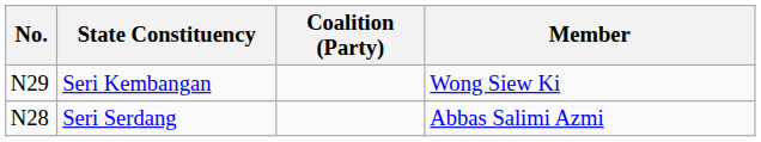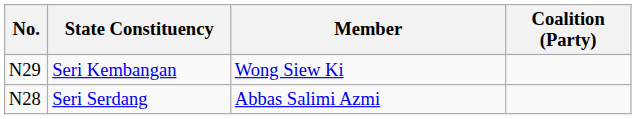 <table class="wikitable">
 <tr>
 <th width="30">No.</th>
 <th width="150">State Constituency</th>
+<th width="230">Member</th>
 <th width="100">Coalition (Party)</th>
-<th width="230">Member</th>
 </tr>
 <tr>
 <td>N29</td>
 <td><a href='#'>Seri Kembangan</a></td>
+<td><a href='#'>Wong Siew Ki</a></td>
 <td></td>
-<td><a href='#'>Wong Siew Ki</a></td>
 </tr>
 <tr>
 <td>N28</td>
 <td><a href='#'>Seri Serdang</a></td>
+<td><a href='#'>Abbas Salimi Azmi</a></td>
 <td></td>
-<td><a href='#'>Abbas Salimi Azmi</a></td>
 </tr>
 </table>
